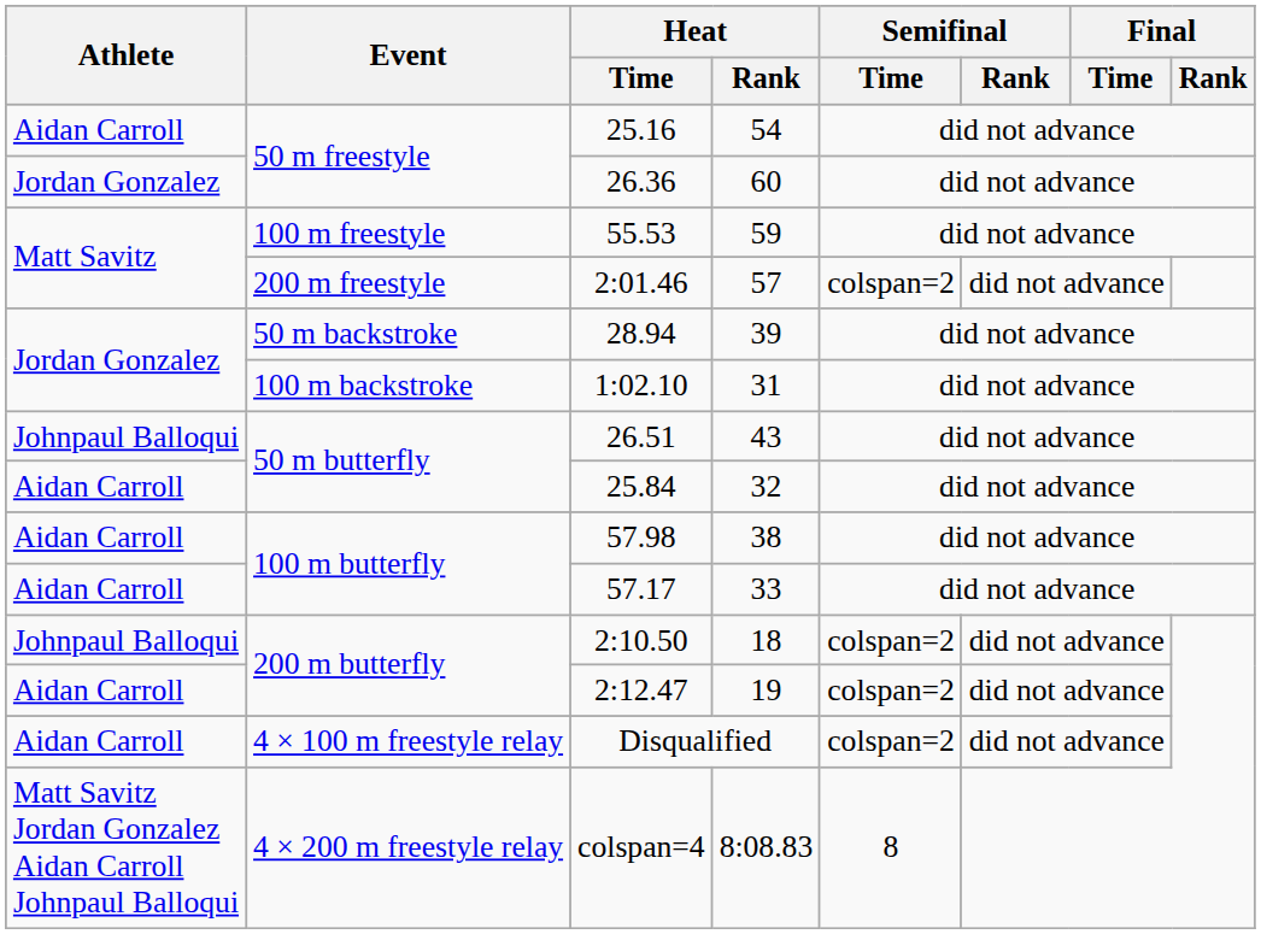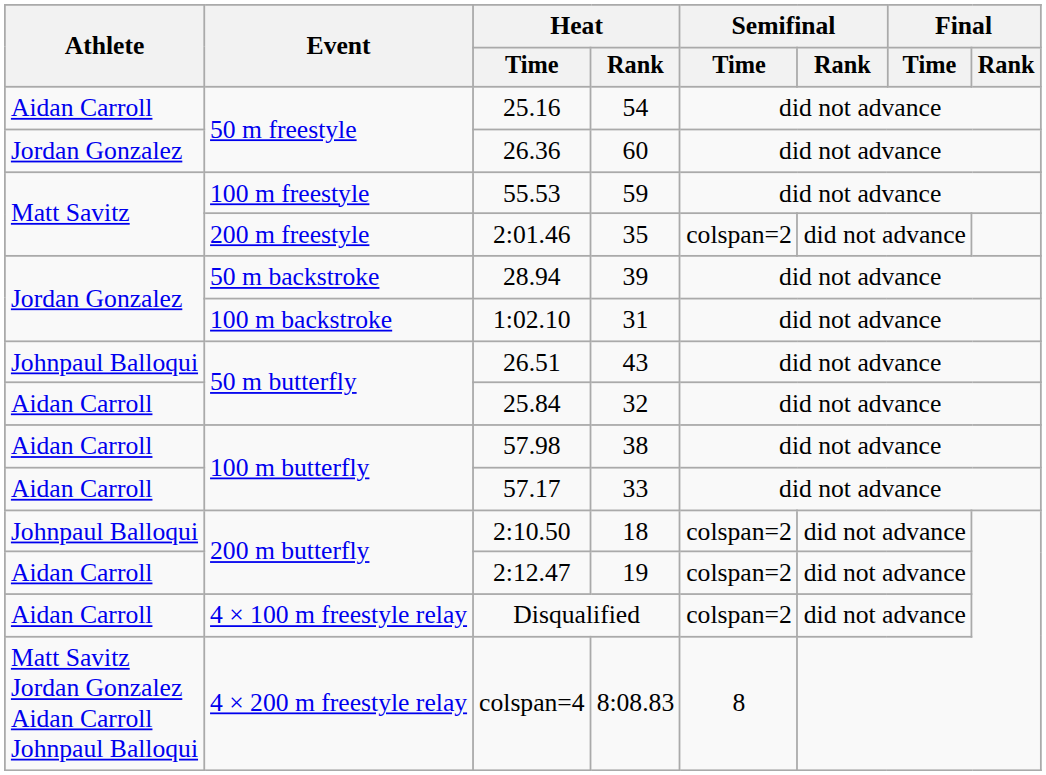 <table class=wikitable style=font-size:90%>
 <tr>
 <th rowspan=2>Athlete</th>
 <th rowspan=2>Event</th>
 <th colspan=2>Heat</th>
 <th colspan=2>Semifinal</th>
 <th colspan=2>Final</th>
 </tr>
 <tr style=font-size:95%>
 <th>Time</th>
 <th>Rank</th>
 <th>Time</th>
 <th>Rank</th>
 <th>Time</th>
 <th>Rank</th>
 </tr>
 <tr align=center>
 <td align=left><a href='#'>Aidan Carroll</a></td>
 <td align=left rowspan="2"><a href='#'>50 m freestyle</a></td>
 <td>25.16</td>
 <td>54</td>
 <td colspan=4>did not advance</td>
 </tr>
 <tr align=center>
 <td align=left><a href='#'>Jordan Gonzalez</a></td>
 <td>26.36</td>
 <td>60</td>
 <td colspan=4>did not advance</td>
 </tr>
 <tr align=center>
 <td align=left rowspan=2><a href='#'>Matt Savitz</a></td>
 <td align=left rowspan="1"><a href='#'>100 m freestyle</a></td>
 <td>55.53</td>
 <td>59</td>
 <td colspan=4>did not advance</td>
 </tr>
 <tr align=center>
 <td align=left rowspan="1"><a href='#'>200 m freestyle</a></td>
 <td>2:01.46</td>
-<td>57</td>
+<td>35</td>
 <td>colspan=2 </td>
 <td colspan=2>did not advance</td>
 </tr>
 <tr align=center>
 <td align=left rowspan=2><a href='#'>Jordan Gonzalez</a></td>
 <td style="text-align:left;"><a href='#'>50 m backstroke</a></td>
 <td>28.94</td>
 <td>39</td>
 <td colspan=4>did not advance</td>
 </tr>
 <tr align=center>
 <td style="text-align:left;"><a href='#'>100 m backstroke</a></td>
 <td>1:02.10</td>
 <td>31</td>
 <td colspan=4>did not advance</td>
 </tr>
 <tr align=center>
 <td align=left><a href='#'>Johnpaul Balloqui</a></td>
 <td align=left rowspan="2"><a href='#'>50 m butterfly</a></td>
 <td>26.51</td>
 <td>43</td>
 <td colspan=4>did not advance</td>
 </tr>
 <tr align=center>
 <td align=left><a href='#'>Aidan Carroll</a></td>
 <td>25.84</td>
 <td>32</td>
 <td colspan=4>did not advance</td>
 </tr>
 <tr align=center>
 <td align=left><a href='#'>Aidan Carroll</a></td>
 <td align=left rowspan="2"><a href='#'>100 m butterfly</a></td>
 <td>57.98</td>
 <td>38</td>
 <td colspan=4>did not advance</td>
 </tr>
 <tr align=center>
 <td align=left><a href='#'>Aidan Carroll</a></td>
 <td>57.17</td>
 <td>33</td>
 <td colspan=4>did not advance</td>
 </tr>
 <tr align=center>
 <td align=left><a href='#'>Johnpaul Balloqui</a></td>
 <td align=left rowspan=2><a href='#'>200 m butterfly</a></td>
 <td>2:10.50</td>
 <td>18</td>
 <td>colspan=2 </td>
 <td colspan=2>did not advance</td>
 </tr>
 <tr align=center>
 <td align=left><a href='#'>Aidan Carroll</a></td>
 <td>2:12.47</td>
 <td>19</td>
 <td>colspan=2 </td>
 <td colspan=2>did not advance</td>
 </tr>
 <tr align=center>
 <td align=left><a href='#'>Aidan Carroll</a></td>
 <td align=left><a href='#'>4 × 100 m freestyle relay</a></td>
 <td colspan=2>Disqualified</td>
 <td>colspan=2 </td>
 <td colspan=2>did not advance</td>
 </tr>
 <tr align=center>
 <td align=left><a href='#'>Matt Savitz</a><br><a href='#'>Jordan Gonzalez</a><br><a href='#'>Aidan Carroll</a><br><a href='#'>Johnpaul Balloqui</a></td>
 <td align=left><a href='#'>4 × 200 m freestyle relay</a></td>
 <td>colspan=4 </td>
 <td>8:08.83</td>
 <td>8</td>
 </tr>
 </table>
